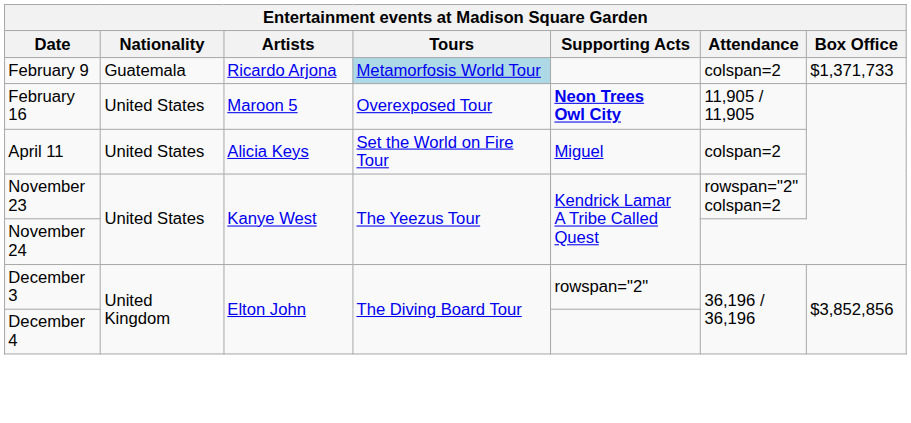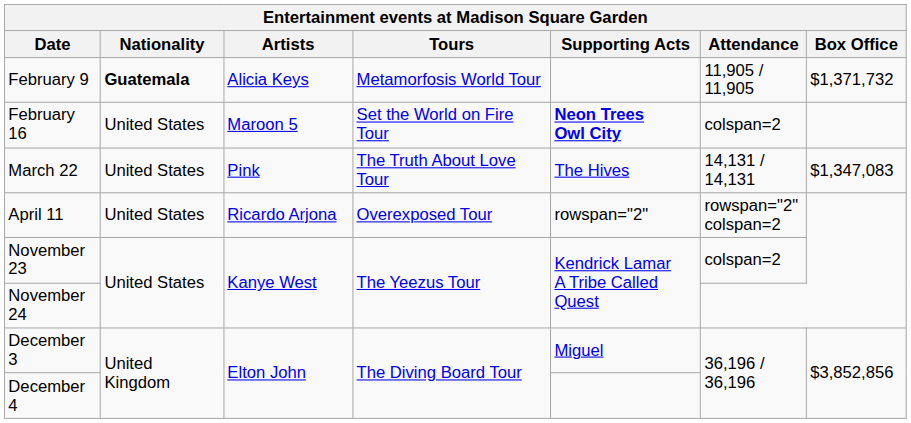 <table class="wikitable">
 <tr>
 <th colspan="7">Entertainment events at Madison Square Garden</th>
 </tr>
 <tr>
 <th width=100>Date</th>
 <th width=150>Nationality</th>
 <th width=200>Artists</th>
 <th width=300>Tours</th>
 <th width=200>Supporting Acts</th>
 <th width=100>Attendance</th>
 <th width=100>Box Office</th>
 </tr>
 <tr>
 <td>February 9</td>
-<td>Guatemala</td>
-<td><a href='#'>Ricardo Arjona</a></td>
-<td style="background: lightblue;"><a href='#'>Metamorfosis World Tour</a></td>
+<td><strong>Guatemala</strong></td>
+<td><a href='#'>Alicia Keys</a></td>
+<td><a href='#'>Metamorfosis World Tour</a></td>
 <td></td>
-<td>colspan=2 </td>
-<td>$1,371,733</td>
+<td>11,905 / 11,905</td>
+<td>$1,371,732</td>
 </tr>
 <tr>
 <td>February 16</td>
 <td>United States</td>
 <td><a href='#'>Maroon 5</a></td>
-<td><a href='#'>Overexposed Tour</a></td>
+<td><a href='#'>Set the World on Fire Tour</a></td>
 <td><strong><a href='#'>Neon Trees</a><br><a href='#'>Owl City</a></strong></td>
-<td>11,905 / 11,905</td>
+<td>colspan=2 </td>
+</tr>
+<tr>
+<td>March 22</td>
+<td>United States</td>
+<td><a href='#'>Pink</a></td>
+<td><a href='#'>The Truth About Love Tour</a></td>
+<td><a href='#'>The Hives</a></td>
+<td>14,131 / 14,131</td>
+<td>$1,347,083</td>
 </tr>
 <tr>
 <td>April 11</td>
 <td>United States</td>
-<td><a href='#'>Alicia Keys</a></td>
-<td><a href='#'>Set the World on Fire Tour</a></td>
-<td><a href='#'>Miguel</a></td>
-<td>colspan=2 </td>
+<td><a href='#'>Ricardo Arjona</a></td>
+<td><a href='#'>Overexposed Tour</a></td>
+<td>rowspan="2" </td>
+<td>rowspan="2" colspan=2 </td>
 </tr>
 <tr>
 <td>November 23</td>
 <td rowspan="2">United States</td>
 <td rowspan="2"><a href='#'>Kanye West</a></td>
 <td rowspan="2"><a href='#'>The Yeezus Tour</a></td>
 <td rowspan="2"><a href='#'>Kendrick Lamar</a><br><a href='#'>A Tribe Called Quest</a></td>
-<td>rowspan="2" colspan=2 </td>
+<td>colspan=2 </td>
 </tr>
 <tr>
 <td>November 24</td>
 </tr>
 <tr>
 <td>December 3</td>
 <td rowspan="2">United Kingdom</td>
 <td rowspan="2"><a href='#'>Elton John</a></td>
 <td rowspan="2"><a href='#'>The Diving Board Tour</a></td>
-<td>rowspan="2" </td>
+<td><a href='#'>Miguel</a></td>
 <td rowspan="2">36,196 / 36,196</td>
 <td rowspan="2">$3,852,856</td>
 </tr>
 <tr>
 <td>December 4</td>
 </tr>
 </table>
